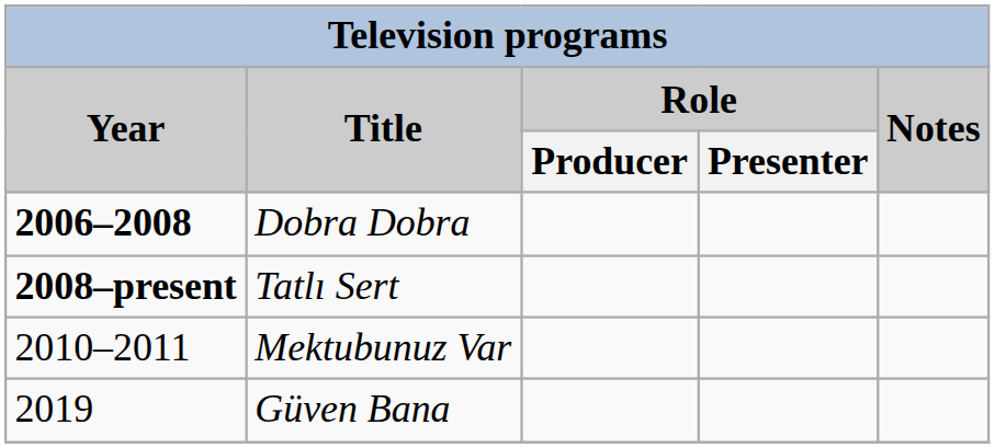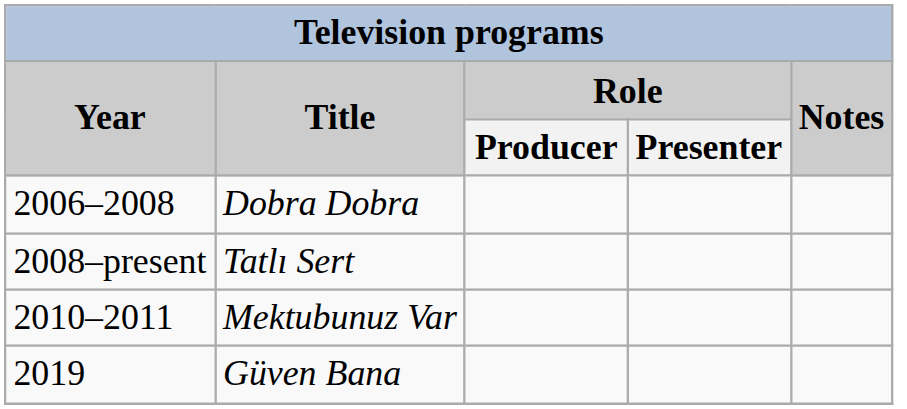 <table class="wikitable" | border="2" cellpadding="4" background: #f9f9f9;>
 <tr style="text-align:center;">
 <th colspan=6 style="background:#B0C4DE;">Television programs</th>
 </tr>
 <tr>
 <th style="background:#ccc;" rowspan="2">Year</th>
 <th style="background:#ccc;" rowspan="2">Title</th>
 <th style="background:#ccc;" colspan="2">Role</th>
 <th style="background:#ccc;" rowspan="2">Notes</th>
 </tr>
 <tr>
 <th width=65>Producer</th>
 <th width=65>Presenter</th>
 </tr>
 <tr>
-<td><strong>2006–2008</strong></td>
+<td>2006–2008</td>
 <td><em>Dobra Dobra</em></td>
 <td></td>
 <td></td>
 <td></td>
 </tr>
 <tr>
-<td><strong>2008–present</strong></td>
+<td>2008–present</td>
 <td><em>Tatlı Sert</em></td>
 <td></td>
 <td></td>
 <td></td>
 </tr>
 <tr>
 <td>2010–2011</td>
 <td><em>Mektubunuz Var</em></td>
 <td></td>
 <td></td>
 <td></td>
 </tr>
 <tr>
 <td>2019</td>
 <td><em>Güven Bana</em></td>
 <td></td>
 <td></td>
 <td></td>
 </tr>
 <tr>
 </tr>
 </table>
